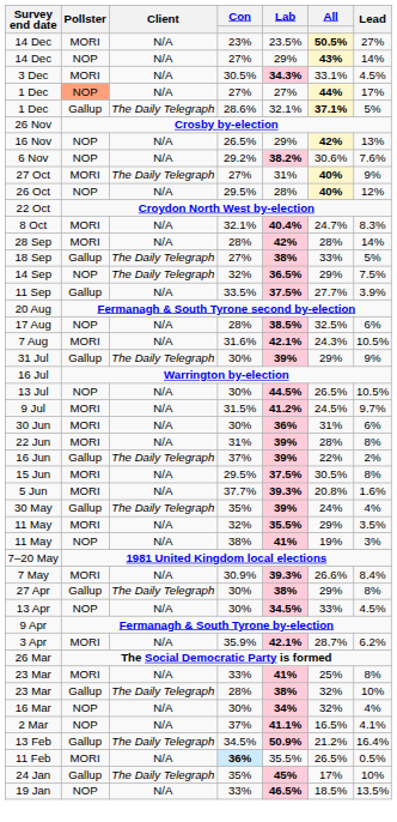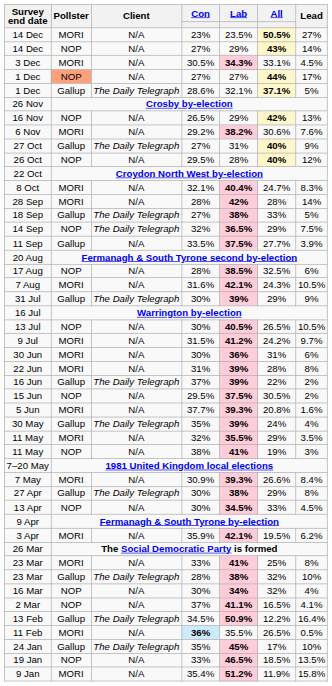 <table class="wikitable sortable mw-datatable" style="text-align:center;font-size:90%;line-height:14px;">
 <tr>
 <th rowspan="2">Survey<br>end date</th>
 <th rowspan="2">Pollster</th>
 <th rowspan="2">Client</th>
 <th class="unsortable" style="width:50px;"><a href='#'>Con</a></th>
 <th class="unsortable" style="width:50px;"><a href='#'>Lab</a></th>
 <th class="unsortable" style="width:50px;"><a href='#'>All</a></th>
 <th rowspan="2">Lead</th>
 </tr>
 <tr>
 <th style="background:"></th>
 <th style="background:"></th>
 <th style="background:"></th>
 </tr>
 <tr>
 <td>14 Dec</td>
 <td>MORI</td>
 <td>N/A</td>
 <td>23%</td>
 <td>23.5%</td>
 <td style="background:#FFF7CC"><strong>50.5%</strong></td>
 <td style="background:">27%</td>
 </tr>
 <tr>
 <td>14 Dec</td>
 <td>NOP</td>
 <td>N/A</td>
 <td>27%</td>
 <td>29%</td>
 <td style="background:#FFF7CC"><strong>43%</strong></td>
 <td style="background:">14%</td>
 </tr>
 <tr>
 <td>3 Dec</td>
 <td>MORI</td>
 <td>N/A</td>
 <td>30.5%</td>
 <td style="background:#FFCCDA;"><strong>34.3%</strong></td>
 <td>33.1%</td>
 <td style="background:">4.5%</td>
 </tr>
 <tr>
 <td>1 Dec</td>
 <td style="background: lightsalmon;">NOP</td>
 <td>N/A</td>
 <td>27%</td>
 <td>27%</td>
 <td style="background:#FFF7CC"><strong>44%</strong></td>
 <td style="background:">17%</td>
 </tr>
 <tr>
 <td>1 Dec</td>
 <td>Gallup</td>
 <td><em>The Daily Telegraph</em></td>
 <td>28.6%</td>
 <td>32.1%</td>
 <td style="background:#FFF7CC"><strong>37.1%</strong></td>
 <td style="background:">5%</td>
 </tr>
 <tr>
 <td>26 Nov</td>
 <td colspan="6"><a href='#'><strong>Crosby by-election</strong></a></td>
 </tr>
 <tr>
 <td>16 Nov</td>
 <td>NOP</td>
 <td>N/A</td>
 <td>26.5%</td>
 <td>29%</td>
 <td style="background:#FFF7CC;"><strong>42%</strong></td>
 <td style="background:">13%</td>
 </tr>
 <tr>
 <td>6 Nov</td>
-<td>NOP</td>
+<td>MORI</td>
 <td>N/A</td>
 <td>29.2%</td>
 <td style="background:#FFCCDA;"><strong>38.2%</strong></td>
 <td>30.6%</td>
 <td style="background:">7.6%</td>
 </tr>
 <tr>
 <td>27 Oct</td>
-<td>MORI</td>
+<td>Gallup</td>
 <td><em>The Daily Telegraph</em></td>
 <td>27%</td>
 <td>31%</td>
 <td style="background:#FFF7CC;"><strong>40%</strong></td>
 <td style="background:">9%</td>
 </tr>
 <tr>
 <td>26 Oct</td>
 <td>NOP</td>
 <td>N/A</td>
 <td>29.5%</td>
 <td>28%</td>
 <td style="background:#FFF7CC;"><strong>40%</strong></td>
 <td style="background:">12%</td>
 </tr>
 <tr>
 <td>22 Oct</td>
 <td colspan="6"><a href='#'><strong>Croydon North West by-election</strong></a></td>
 </tr>
 <tr>
 <td>8 Oct</td>
 <td>MORI</td>
 <td>N/A</td>
 <td>32.1%</td>
 <td style="background:#FFCCDA;"><strong>40.4%</strong></td>
 <td>24.7%</td>
 <td style="background:">8.3%</td>
 </tr>
 <tr>
 <td>28 Sep</td>
 <td>MORI</td>
 <td>N/A</td>
 <td>28%</td>
 <td style="background:#FFCCDA;"><strong>42%</strong></td>
 <td>28%</td>
 <td style="background:">14%</td>
 </tr>
 <tr>
 <td>18 Sep</td>
 <td>Gallup</td>
 <td><em>The Daily Telegraph</em></td>
 <td>27%</td>
 <td style="background:#FFCCDA;"><strong>38%</strong></td>
 <td>33%</td>
 <td style="background:">5%</td>
 </tr>
 <tr>
 <td>14 Sep</td>
 <td>NOP</td>
 <td><em>The Daily Telegraph</em></td>
 <td>32%</td>
 <td style="background:#FFCCDA;"><strong>36.5%</strong></td>
 <td>29%</td>
 <td style="background:">7.5%</td>
 </tr>
 <tr>
 <td>11 Sep</td>
 <td>Gallup</td>
 <td>N/A</td>
 <td>33.5%</td>
 <td style="background:#FFCCDA;"><strong>37.5%</strong></td>
 <td>27.7%</td>
 <td style="background:">3.9%</td>
 </tr>
 <tr>
 <td>20 Aug</td>
 <td colspan="6"><a href='#'><strong>Fermanagh & South Tyrone second by-election</strong></a></td>
 </tr>
 <tr>
 <td>17 Aug</td>
 <td>NOP</td>
 <td>N/A</td>
 <td>28%</td>
 <td style="background:#FFCCDA;"><strong>38.5%</strong></td>
 <td>32.5%</td>
 <td style="background:">6%</td>
 </tr>
 <tr>
 <td>7 Aug</td>
 <td>MORI</td>
 <td>N/A</td>
 <td>31.6%</td>
 <td style="background:#FFCCDA;"><strong>42.1%</strong></td>
 <td>24.3%</td>
 <td style="background:">10.5%</td>
 </tr>
 <tr>
 <td>31 Jul</td>
 <td>Gallup</td>
 <td><em>The Daily Telegraph</em></td>
 <td>30%</td>
 <td style="background:#FFCCDA;"><strong>39%</strong></td>
 <td>29%</td>
 <td style="background:">9%</td>
 </tr>
 <tr>
 <td>16 Jul</td>
 <td colspan="6"><a href='#'><strong>Warrington by-election</strong></a></td>
 </tr>
 <tr>
 <td>13 Jul</td>
 <td>NOP</td>
 <td>N/A</td>
 <td>30%</td>
-<td style="background:#FFCCDA;"><strong>44.5%</strong></td>
+<td style="background:#FFCCDA;"><strong>40.5%</strong></td>
 <td>26.5%</td>
 <td style="background:">10.5%</td>
 </tr>
 <tr>
 <td>9 Jul</td>
 <td>MORI</td>
 <td>N/A</td>
 <td>31.5%</td>
 <td style="background:#FFCCDA;"><strong>41.2%</strong></td>
-<td>24.5%</td>
+<td>24.2%</td>
 <td style="background:">9.7%</td>
 </tr>
 <tr>
 <td>30 Jun</td>
 <td>MORI</td>
 <td>N/A</td>
 <td>30%</td>
 <td style="background:#FFCCDA;"><strong>36%</strong></td>
 <td>31%</td>
 <td style="background:">6%</td>
 </tr>
 <tr>
 <td>22 Jun</td>
 <td>MORI</td>
 <td>N/A</td>
 <td>31%</td>
 <td style="background:#FFCCDA;"><strong>39%</strong></td>
 <td>28%</td>
 <td style="background:">8%</td>
 </tr>
 <tr>
 <td>16 Jun</td>
 <td>Gallup</td>
 <td><em>The Daily Telegraph</em></td>
 <td>37%</td>
 <td style="background:#FFCCDA;"><strong>39%</strong></td>
 <td>22%</td>
 <td style="background:">2%</td>
 </tr>
 <tr>
 <td>15 Jun</td>
-<td>MORI</td>
+<td>NOP</td>
 <td>N/A</td>
 <td>29.5%</td>
 <td style="background:#FFCCDA;"><strong>37.5%</strong></td>
 <td>30.5%</td>
-<td style="background:">8%</td>
+<td style="background:">2%</td>
 </tr>
 <tr>
 <td>5 Jun</td>
 <td>MORI</td>
 <td>N/A</td>
 <td>37.7%</td>
 <td style="background:#FFCCDA;"><strong>39.3%</strong></td>
 <td>20.8%</td>
 <td style="background:">1.6%</td>
 </tr>
 <tr>
 <td>30 May</td>
 <td>Gallup</td>
 <td><em>The Daily Telegraph</em></td>
 <td>35%</td>
 <td style="background:#FFCCDA;"><strong>39%</strong></td>
 <td>24%</td>
 <td style="background:">4%</td>
 </tr>
 <tr>
 <td>11 May</td>
 <td>MORI</td>
 <td>N/A</td>
 <td>32%</td>
 <td style="background:#FFCCDA;"><strong>35.5%</strong></td>
 <td>29%</td>
 <td style="background:">3.5%</td>
 </tr>
 <tr>
 <td>11 May</td>
 <td>NOP</td>
 <td>N/A</td>
 <td>38%</td>
 <td style="background:#FFCCDA;"><strong>41%</strong></td>
 <td>19%</td>
 <td style="background:">3%</td>
 </tr>
 <tr>
 <td>7–20 May</td>
 <td colspan="6"><strong><a href='#'>1981 United Kingdom local elections</a></strong></td>
 </tr>
 <tr>
 <td>7 May</td>
 <td>MORI</td>
 <td>N/A</td>
 <td>30.9%</td>
 <td style="background:#FFCCDA;"><strong>39.3%</strong></td>
 <td>26.6%</td>
 <td style="background:">8.4%</td>
 </tr>
 <tr>
 <td>27 Apr</td>
 <td>Gallup</td>
 <td><em>The Daily Telegraph</em></td>
 <td>30%</td>
 <td style="background:#FFCCDA;"><strong>38%</strong></td>
 <td>29%</td>
 <td style="background:">8%</td>
 </tr>
 <tr>
 <td>13 Apr</td>
 <td>NOP</td>
 <td>N/A</td>
 <td>30%</td>
 <td style="background:#FFCCDA;"><strong>34.5%</strong></td>
 <td>33%</td>
 <td style="background:">4.5%</td>
 </tr>
 <tr>
 <td>9 Apr</td>
 <td colspan="6"><a href='#'><strong>Fermanagh & South Tyrone by-election</strong></a></td>
 </tr>
 <tr>
 <td>3 Apr</td>
 <td>MORI</td>
 <td>N/A</td>
 <td>35.9%</td>
 <td style="background:#FFCCDA;"><strong>42.1%</strong></td>
-<td>28.7%</td>
+<td>19.5%</td>
 <td style="background:">6.2%</td>
 </tr>
 <tr>
 <td>26 Mar</td>
 <td colspan="6"><strong>The <a href='#'>Social Democratic Party</a> is formed</strong></td>
 </tr>
 <tr>
 <td>23 Mar</td>
 <td>MORI</td>
 <td>N/A</td>
 <td>33%</td>
 <td style="background:#FFCCDA;"><strong>41%</strong></td>
 <td>25%</td>
 <td style="background:">8%</td>
 </tr>
 <tr>
 <td>23 Mar</td>
 <td>Gallup</td>
 <td><em>The Daily Telegraph</em></td>
 <td>28%</td>
 <td style="background:#FFCCDA;"><strong>38%</strong></td>
 <td>32%</td>
 <td style="background:">10%</td>
 </tr>
 <tr>
 <td>16 Mar</td>
 <td>NOP</td>
 <td>N/A</td>
 <td>30%</td>
 <td style="background:#FFCCDA;"><strong>34%</strong></td>
 <td>32%</td>
 <td style="background:">4%</td>
 </tr>
 <tr>
 <td>2 Mar</td>
 <td>NOP</td>
 <td>N/A</td>
 <td>37%</td>
 <td style="background:#FFCCDA;"><strong>41.1%</strong></td>
 <td>16.5%</td>
 <td style="background:">4.1%</td>
 </tr>
 <tr>
 <td>13 Feb</td>
 <td>Gallup</td>
 <td><em>The Daily Telegraph</em></td>
 <td>34.5%</td>
 <td style="background:#FFCCDA;"><strong>50.9%</strong></td>
-<td>21.2%</td>
+<td>12.2%</td>
 <td style="background:">16.4%</td>
 </tr>
 <tr>
 <td>11 Feb</td>
 <td>MORI</td>
 <td>N/A</td>
 <td style="background:#CCEBFF;"><strong>36%</strong></td>
 <td>35.5%</td>
 <td>26.5%</td>
 <td style="background:">0.5%</td>
 </tr>
 <tr>
 <td>24 Jan</td>
 <td>Gallup</td>
 <td><em>The Daily Telegraph</em></td>
 <td>35%</td>
 <td style="background:#FFCCDA;"><strong>45%</strong></td>
 <td>17%</td>
 <td style="background:">10%</td>
 </tr>
 <tr>
 <td>19 Jan</td>
 <td>NOP</td>
 <td>N/A</td>
 <td>33%</td>
 <td style="background:#FFCCDA;"><strong>46.5%</strong></td>
 <td>18.5%</td>
 <td style="background:">13.5%</td>
 </tr>
+<tr>
+<td>9 Jan</td>
+<td>MORI</td>
+<td>N/A</td>
+<td>35.4%</td>
+<td style="background:#FFCCDA;"><strong>51.2%</strong></td>
+<td>11.9%</td>
+<td style="background:">15.8%</td>
+</tr>
 </table>
